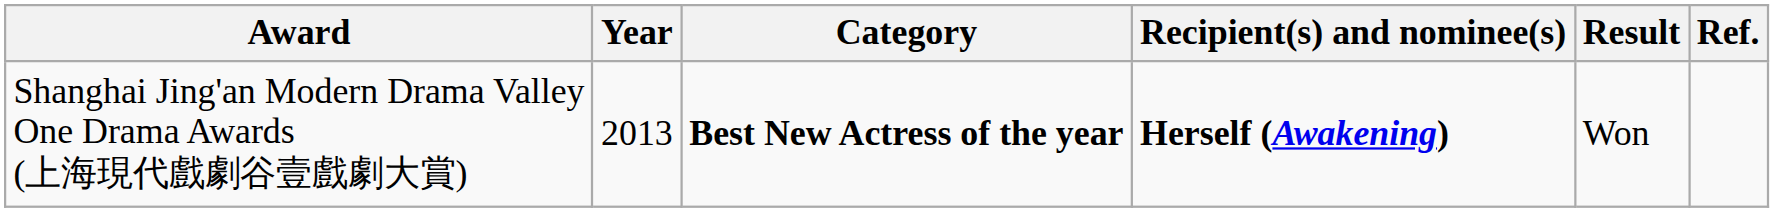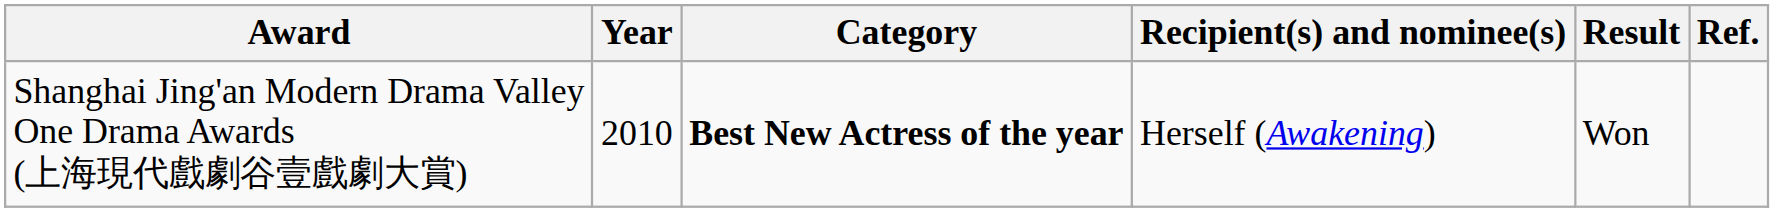 <table class="wikitable">
 <tr>
 <th>Award</th>
 <th>Year</th>
 <th>Category</th>
 <th>Recipient(s) and nominee(s)</th>
 <th>Result</th>
 <th>Ref.</th>
 </tr>
 <tr>
 <td>Shanghai Jing'an Modern Drama Valley<br>One Drama Awards<br>(上海現代戲劇谷壹戲劇大賞)</td>
-<td>2013</td>
+<td>2010</td>
 <td><strong>Best New Actress of the year</strong></td>
-<td><strong>Herself (<a href='#'><em>Awakening</em></a>)</strong></td>
+<td>Herself (<a href='#'><em>Awakening</em></a>)</td>
 <td>Won</td>
 <td></td>
 </tr>
 </table>
